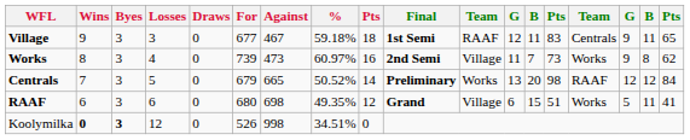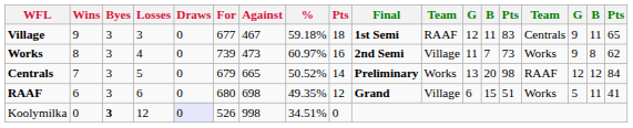 <table class="wikitable">
 <tr>
 <th style="color:crimson">WFL</th>
 <th style="color:crimson">Wins</th>
 <th style="color:crimson">Byes</th>
 <th style="color:crimson">Losses</th>
 <th style="color:crimson">Draws</th>
 <th style="color:crimson">For</th>
 <th style="color:crimson">Against</th>
 <th style="color:crimson">%</th>
 <th style="color:crimson">Pts</th>
 <th style="color:green">Final</th>
 <th style="color:green">Team</th>
 <th style="color:green">G</th>
 <th style="color:green">B</th>
 <th style="color:green">Pts</th>
 <th style="color:green">Team</th>
 <th style="color:green">G</th>
 <th style="color:green">B</th>
 <th style="color:green">Pts</th>
 </tr>
 <tr>
 <td><strong>	Village	</strong></td>
 <td>9</td>
 <td>3</td>
 <td>3</td>
 <td>0</td>
 <td>677</td>
 <td>467</td>
 <td>59.18%</td>
 <td>18</td>
 <td><strong>1st Semi</strong></td>
 <td>RAAF</td>
 <td>12</td>
 <td>11</td>
 <td>83</td>
 <td>Centrals</td>
 <td>9</td>
 <td>11</td>
 <td>65</td>
 </tr>
 <tr>
 <td><strong>	Works	</strong></td>
 <td>8</td>
 <td>3</td>
 <td>4</td>
 <td>0</td>
 <td>739</td>
 <td>473</td>
 <td>60.97%</td>
 <td>16</td>
 <td><strong>2nd Semi</strong></td>
 <td>Village</td>
 <td>11</td>
 <td>7</td>
 <td>73</td>
 <td>Works</td>
 <td>9</td>
 <td>8</td>
 <td>62</td>
 </tr>
 <tr>
 <td><strong>	Centrals	</strong></td>
 <td>7</td>
 <td>3</td>
 <td>5</td>
 <td>0</td>
 <td>679</td>
 <td>665</td>
 <td>50.52%</td>
 <td>14</td>
 <td><strong>Preliminary</strong></td>
 <td>Works</td>
 <td>13</td>
 <td>20</td>
 <td>98</td>
 <td>RAAF</td>
 <td>12</td>
 <td>12</td>
 <td>84</td>
 </tr>
 <tr>
 <td><strong>	RAAF	</strong></td>
 <td>6</td>
 <td>3</td>
 <td>6</td>
 <td>0</td>
 <td>680</td>
 <td>698</td>
 <td>49.35%</td>
 <td>12</td>
 <td><strong>Grand</strong></td>
 <td>Village</td>
 <td>6</td>
 <td>15</td>
 <td>51</td>
 <td>Works</td>
 <td>5</td>
 <td>11</td>
 <td>41</td>
 </tr>
 <tr>
 <td>Koolymilka</td>
-<td><strong>0</strong></td>
+<td>0</td>
 <td><strong>3</strong></td>
 <td>12</td>
-<td>0</td>
+<td style="background: lavender;">0</td>
 <td>526</td>
 <td>998</td>
 <td>34.51%</td>
 <td>0</td>
 </tr>
 </table>
